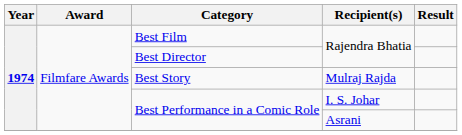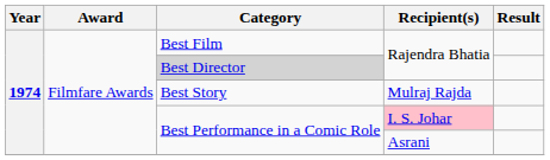 <table class=wikitable>
 <tr>
 <th>Year</th>
 <th>Award</th>
 <th>Category</th>
 <th>Recipient(s)</th>
 <th>Result</th>
 </tr>
 <tr>
 <th rowspan="5"><a href='#'>1974</a></th>
 <td rowspan="5"><a href='#'>Filmfare Awards</a></td>
 <td><a href='#'>Best Film</a></td>
 <td rowspan="2">Rajendra Bhatia</td>
 <td></td>
 </tr>
 <tr>
-<td><a href='#'>Best Director</a></td>
+<td style="background: lightgrey;"><a href='#'>Best Director</a></td>
 <td></td>
 </tr>
 <tr>
 <td><a href='#'>Best Story</a></td>
 <td><a href='#'>Mulraj Rajda</a></td>
 <td></td>
 </tr>
 <tr>
 <td rowspan="2"><a href='#'>Best Performance in a Comic Role</a></td>
-<td><a href='#'>I. S. Johar</a></td>
+<td style="background: pink;"><a href='#'>I. S. Johar</a></td>
 <td></td>
 </tr>
 <tr>
 <td><a href='#'>Asrani</a></td>
 <td></td>
 </tr>
 <tr>
 </tr>
 </table>
